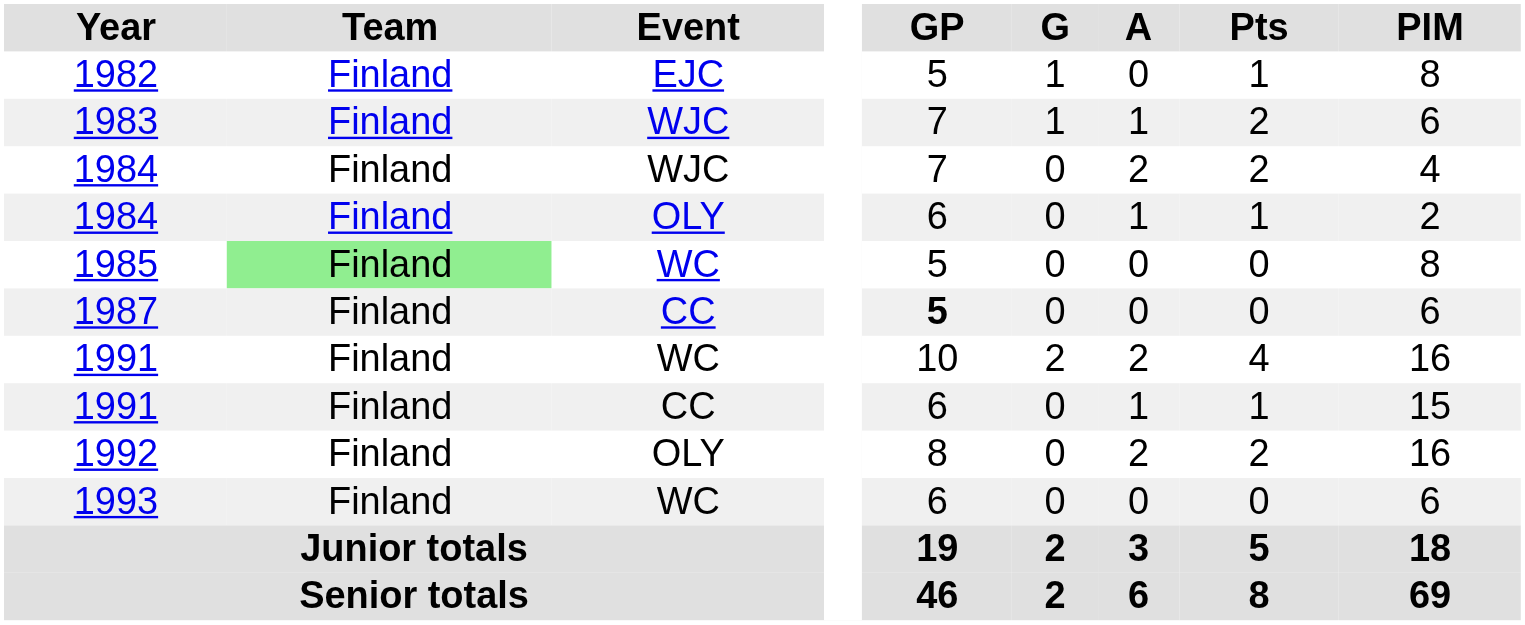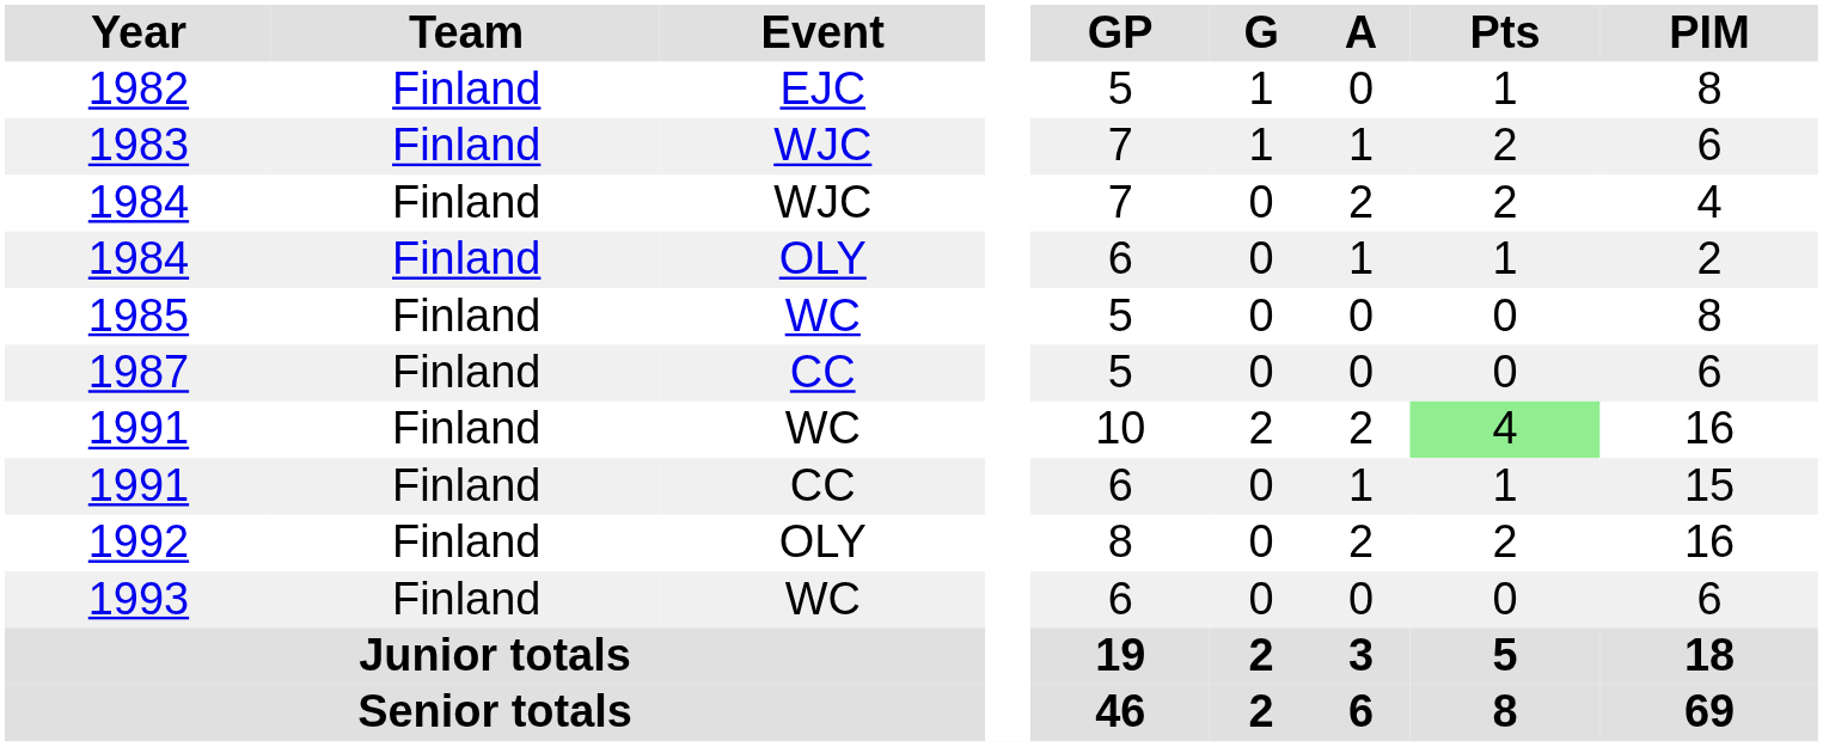 <table border="0" cellpadding="1" cellspacing="0" style="text-align:center; width:40em">
 <tr ALIGN="center" bgcolor="#e0e0e0">
 <th>Year</th>
 <th>Team</th>
 <th>Event</th>
 <th rowspan="99" bgcolor="#ffffff"> </th>
 <th>GP</th>
 <th>G</th>
 <th>A</th>
 <th>Pts</th>
 <th>PIM</th>
 </tr>
 <tr>
 <td><a href='#'>1982</a></td>
 <td><a href='#'>Finland</a></td>
 <td><a href='#'>EJC</a></td>
 <td>5</td>
 <td>1</td>
 <td>0</td>
 <td>1</td>
 <td>8</td>
 </tr>
 <tr bgcolor="#f0f0f0">
 <td><a href='#'>1983</a></td>
 <td><a href='#'>Finland</a></td>
 <td><a href='#'>WJC</a></td>
 <td>7</td>
 <td>1</td>
 <td>1</td>
 <td>2</td>
 <td>6</td>
 </tr>
 <tr>
 <td><a href='#'>1984</a></td>
 <td>Finland</td>
 <td>WJC</td>
 <td>7</td>
 <td>0</td>
 <td>2</td>
 <td>2</td>
 <td>4</td>
 </tr>
 <tr bgcolor="#f0f0f0">
 <td><a href='#'>1984</a></td>
 <td><a href='#'>Finland</a></td>
 <td><a href='#'>OLY</a></td>
 <td>6</td>
 <td>0</td>
 <td>1</td>
 <td>1</td>
 <td>2</td>
 </tr>
 <tr>
 <td><a href='#'>1985</a></td>
-<td style="background: lightgreen;">Finland</td>
+<td>Finland</td>
 <td><a href='#'>WC</a></td>
 <td>5</td>
 <td>0</td>
 <td>0</td>
 <td>0</td>
 <td>8</td>
 </tr>
 <tr bgcolor="#f0f0f0">
 <td><a href='#'>1987</a></td>
 <td>Finland</td>
 <td><a href='#'>CC</a></td>
-<td><strong>5</strong></td>
+<td>5</td>
 <td>0</td>
 <td>0</td>
 <td>0</td>
 <td>6</td>
 </tr>
 <tr>
 <td><a href='#'>1991</a></td>
 <td>Finland</td>
 <td>WC</td>
 <td>10</td>
 <td>2</td>
 <td>2</td>
-<td>4</td>
+<td style="background: lightgreen;">4</td>
 <td>16</td>
 </tr>
 <tr bgcolor="#f0f0f0">
 <td><a href='#'>1991</a></td>
 <td>Finland</td>
 <td>CC</td>
 <td>6</td>
 <td>0</td>
 <td>1</td>
 <td>1</td>
 <td>15</td>
 </tr>
 <tr>
 <td><a href='#'>1992</a></td>
 <td>Finland</td>
 <td>OLY</td>
 <td>8</td>
 <td>0</td>
 <td>2</td>
 <td>2</td>
 <td>16</td>
 </tr>
 <tr bgcolor="#f0f0f0">
 <td><a href='#'>1993</a></td>
 <td>Finland</td>
 <td>WC</td>
 <td>6</td>
 <td>0</td>
 <td>0</td>
 <td>0</td>
 <td>6</td>
 </tr>
 <tr>
 </tr>
 <tr bgcolor="#e0e0e0">
 <th colspan=3>Junior totals</th>
 <th>19</th>
 <th>2</th>
 <th>3</th>
 <th>5</th>
 <th>18</th>
 </tr>
 <tr bgcolor="#e0e0e0">
 <th colspan=3>Senior totals</th>
 <th>46</th>
 <th>2</th>
 <th>6</th>
 <th>8</th>
 <th>69</th>
 </tr>
 </table>
